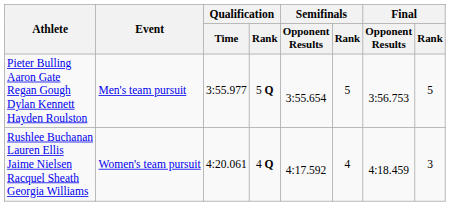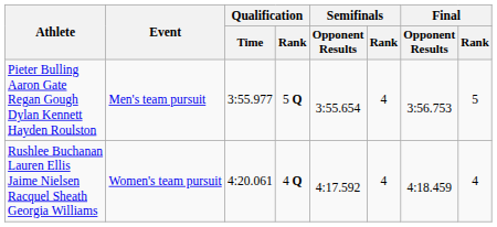 <table class="wikitable" style="font-size:90%">
 <tr>
 <th rowspan=2>Athlete</th>
 <th rowspan=2>Event</th>
 <th colspan=2>Qualification</th>
 <th colspan=2>Semifinals</th>
 <th colspan=2>Final</th>
 </tr>
 <tr style="font-size:95%">
 <th>Time</th>
 <th>Rank</th>
 <th>Opponent<br>Results</th>
 <th>Rank</th>
 <th>Opponent<br>Results</th>
 <th>Rank</th>
 </tr>
 <tr align=center>
 <td align=left><a href='#'>Pieter Bulling</a><br><a href='#'>Aaron Gate</a><br><a href='#'>Regan Gough</a><br><a href='#'>Dylan Kennett</a><br><a href='#'>Hayden Roulston</a></td>
 <td align=left><a href='#'>Men's team pursuit</a></td>
 <td>3:55.977</td>
 <td>5 <strong>Q</strong></td>
 <td><br>3:55.654</td>
-<td>5</td>
+<td>4</td>
 <td><br>3:56.753</td>
 <td>5</td>
 </tr>
 <tr align=center>
 <td align=left><a href='#'>Rushlee Buchanan</a><br><a href='#'>Lauren Ellis</a><br><a href='#'>Jaime Nielsen</a><br><a href='#'>Racquel Sheath</a><br><a href='#'>Georgia Williams</a></td>
 <td align=left><a href='#'>Women's team pursuit</a></td>
 <td>4:20.061</td>
 <td>4 <strong>Q</strong></td>
 <td><br>4:17.592</td>
 <td>4</td>
 <td><br> 4:18.459</td>
-<td>3</td>
+<td>4</td>
 </tr>
 </table>
